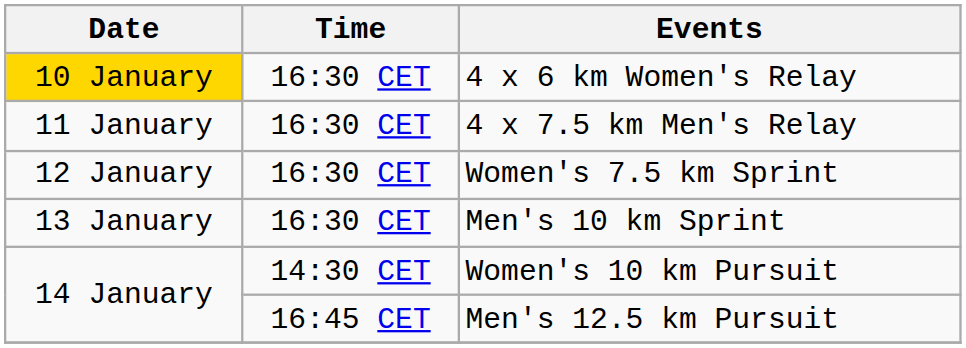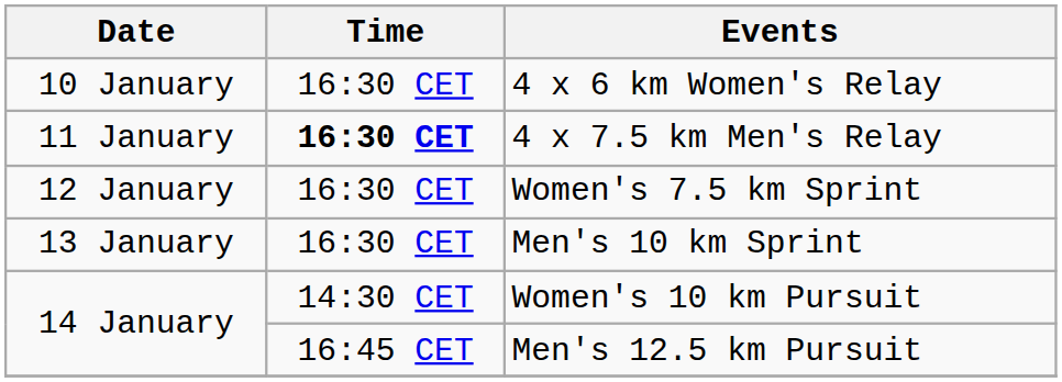 <table class="wikitable" style="text-align: center" width="420">
 <tr>
 <th>Date</th>
 <th>Time</th>
 <th>Events</th>
 </tr>
 <tr>
-<td rowspan=1 style="background: gold;">10 January</td>
+<td rowspan=1>10 January</td>
 <td>16:30 <a href='#'>CET</a></td>
 <td style="text-align: left">4 x 6 km Women's Relay</td>
 </tr>
 <tr>
 <td rowspan=1>11 January</td>
-<td>16:30 <a href='#'>CET</a></td>
+<td><strong>16:30 <a href='#'>CET</a></strong></td>
 <td style="text-align: left">4 x 7.5 km Men's Relay</td>
 </tr>
 <tr>
 <td rowspan=1>12 January</td>
 <td>16:30 <a href='#'>CET</a></td>
 <td style="text-align: left">Women's 7.5 km Sprint</td>
 </tr>
 <tr>
 <td rowspan=1>13 January</td>
 <td>16:30 <a href='#'>CET</a></td>
 <td style="text-align: left">Men's 10 km Sprint</td>
 </tr>
 <tr>
 <td rowspan=2>14 January</td>
 <td>14:30 <a href='#'>CET</a></td>
 <td style="text-align: left">Women's 10 km Pursuit</td>
 </tr>
 <tr>
 <td>16:45 <a href='#'>CET</a></td>
 <td style="text-align: left">Men's 12.5 km Pursuit</td>
 </tr>
 <tr>
 </tr>
 </table>
